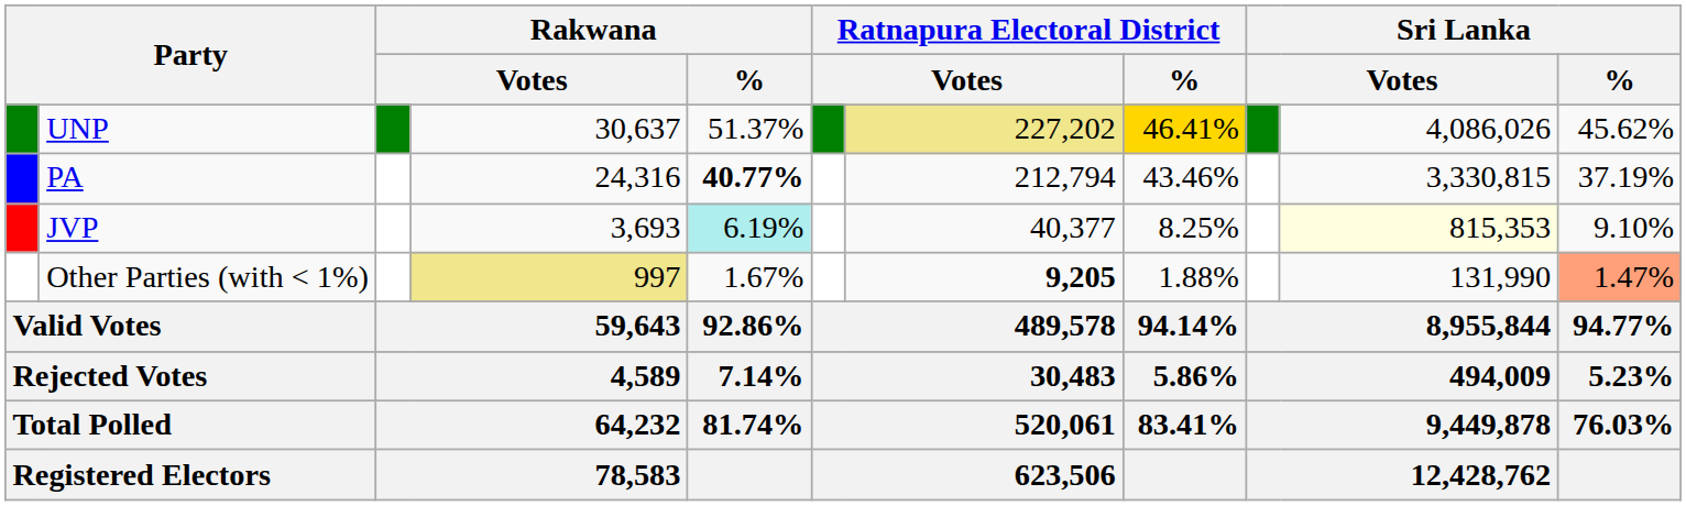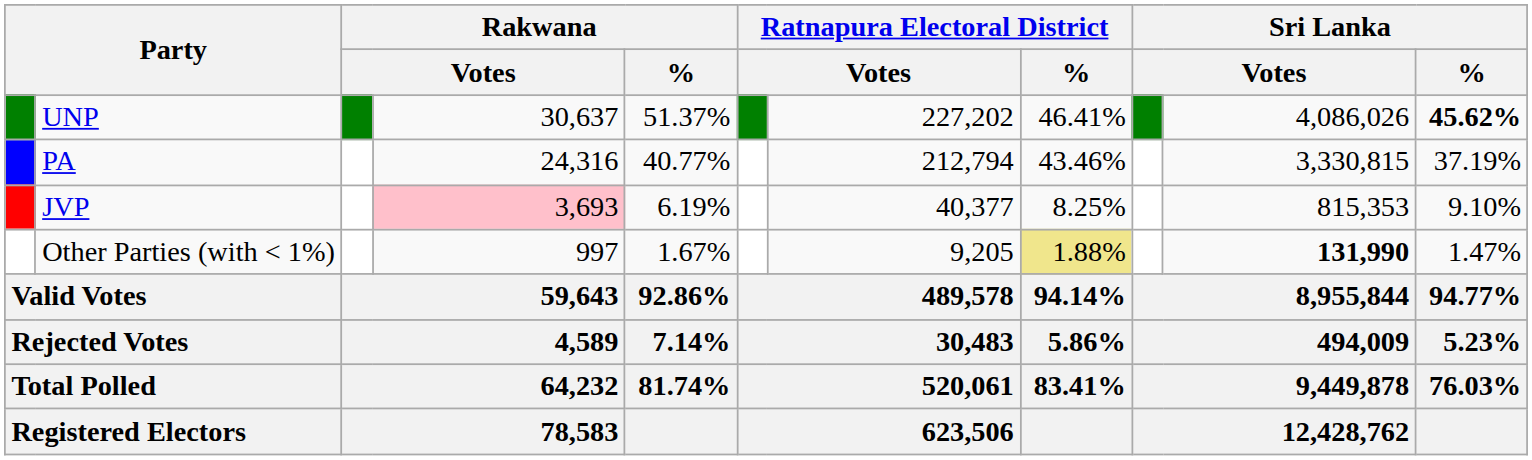 <table class="wikitable">
 <tr>
 <th colspan="2" width="144px"rowspan="2">Party</th>
 <th colspan="3" width="216px">Rakwana</th>
 <th colspan="3" width="216px"><a href='#'>Ratnapura Electoral District</a></th>
 <th colspan="3" width="216px">Sri Lanka</th>
 </tr>
 <tr>
 <th colspan="2" width="144px">Votes</th>
 <th>%</th>
 <th colspan="2" width="144px">Votes</th>
 <th>%</th>
 <th colspan="2" width="144px">Votes</th>
 <th>%</th>
 </tr>
 <tr>
 <td style="background-color:green;" width="10px"></td>
 <td style="text-align:left;"><a href='#'>UNP</a></td>
 <td style="background-color:green;" width="10px"></td>
 <td style="text-align:right;">30,637</td>
 <td style="text-align:right;">51.37%</td>
 <td style="background-color:green;" width="10px"></td>
-<td style="background: khaki; text-align:right;">227,202</td>
-<td style="background: gold; text-align:right;">46.41%</td>
+<td style="text-align:right;">227,202</td>
+<td style="text-align:right;">46.41%</td>
 <td style="background-color:green;" width="10px"></td>
 <td style="text-align:right;">4,086,026</td>
-<td style="text-align:right;">45.62%</td>
+<td style="text-align:right;"><strong>45.62%</strong></td>
 </tr>
 <tr>
 <td style="background-color:blue;" width="10px"></td>
 <td style="text-align:left;"><a href='#'>PA</a></td>
 <td style="background-color:white;" width="10px"></td>
 <td style="text-align:right;">24,316</td>
-<td style="text-align:right;"><strong>40.77%</strong></td>
+<td style="text-align:right;">40.77%</td>
 <td style="background-color:white;" width="10px"></td>
 <td style="text-align:right;">212,794</td>
 <td style="text-align:right;">43.46%</td>
 <td style="background-color:white;" width="10px"></td>
 <td style="text-align:right;">3,330,815</td>
 <td style="text-align:right;">37.19%</td>
 </tr>
 <tr>
 <td style="background-color:red;" width="10px"></td>
 <td style="text-align:left;"><a href='#'>JVP</a></td>
 <td style="background-color:white;" width="10px"></td>
-<td style="text-align:right;">3,693</td>
-<td style="background: paleturquoise; text-align:right;">6.19%</td>
+<td style="background: pink; text-align:right;">3,693</td>
+<td style="text-align:right;">6.19%</td>
 <td style="background-color:white;" width="10px"></td>
 <td style="text-align:right;">40,377</td>
 <td style="text-align:right;">8.25%</td>
 <td style="background-color:white;" width="10px"></td>
-<td style="background: lightyellow; text-align:right;">815,353</td>
+<td style="text-align:right;">815,353</td>
 <td style="text-align:right;">9.10%</td>
 </tr>
 <tr>
 <td style="background-color:white;" width="10px"></td>
 <td style="text-align:left;">Other Parties (with < 1%)</td>
 <td style="background-color:white;" width="10px"></td>
-<td style="background: khaki; text-align:right;">997</td>
+<td style="text-align:right;">997</td>
 <td style="text-align:right;">1.67%</td>
 <td style="background-color:white;" width="10px"></td>
-<td style="text-align:right;"><strong>9,205</strong></td>
-<td style="text-align:right;">1.88%</td>
+<td style="text-align:right;">9,205</td>
+<td style="background: khaki; text-align:right;">1.88%</td>
 <td style="background-color:white;" width="10px"></td>
-<td style="text-align:right;">131,990</td>
-<td style="background: lightsalmon; text-align:right;">1.47%</td>
+<td style="text-align:right;"><strong>131,990</strong></td>
+<td style="text-align:right;">1.47%</td>
 </tr>
 <tr>
 <th colspan="2" width="144px"style="text-align:left;">Valid Votes</th>
 <th style="text-align:right;"colspan="2" width="144px">59,643</th>
 <th style="text-align:right;">92.86%</th>
 <th style="text-align:right;"colspan="2" width="144px">489,578</th>
 <th style="text-align:right;">94.14%</th>
 <th style="text-align:right;"colspan="2" width="144px">8,955,844</th>
 <th style="text-align:right;">94.77%</th>
 </tr>
 <tr>
 <th colspan="2" width="144px"style="text-align:left;">Rejected Votes</th>
 <th style="text-align:right;"colspan="2" width="144px">4,589</th>
 <th style="text-align:right;">7.14%</th>
 <th style="text-align:right;"colspan="2" width="144px">30,483</th>
 <th style="text-align:right;">5.86%</th>
 <th style="text-align:right;"colspan="2" width="144px">494,009</th>
 <th style="text-align:right;">5.23%</th>
 </tr>
 <tr>
 <th colspan="2" width="144px"style="text-align:left;">Total Polled</th>
 <th style="text-align:right;"colspan="2" width="144px">64,232</th>
 <th style="text-align:right;">81.74%</th>
 <th style="text-align:right;"colspan="2" width="144px">520,061</th>
 <th style="text-align:right;">83.41%</th>
 <th style="text-align:right;"colspan="2" width="144px">9,449,878</th>
 <th style="text-align:right;">76.03%</th>
 </tr>
 <tr>
 <th colspan="2" width="144px"style="text-align:left;">Registered Electors</th>
 <th style="text-align:right;"colspan="2" width="144px">78,583</th>
 <th></th>
 <th style="text-align:right;"colspan="2" width="144px">623,506</th>
 <th></th>
 <th style="text-align:right;"colspan="2" width="144px">12,428,762</th>
 <th></th>
 </tr>
 </table>
